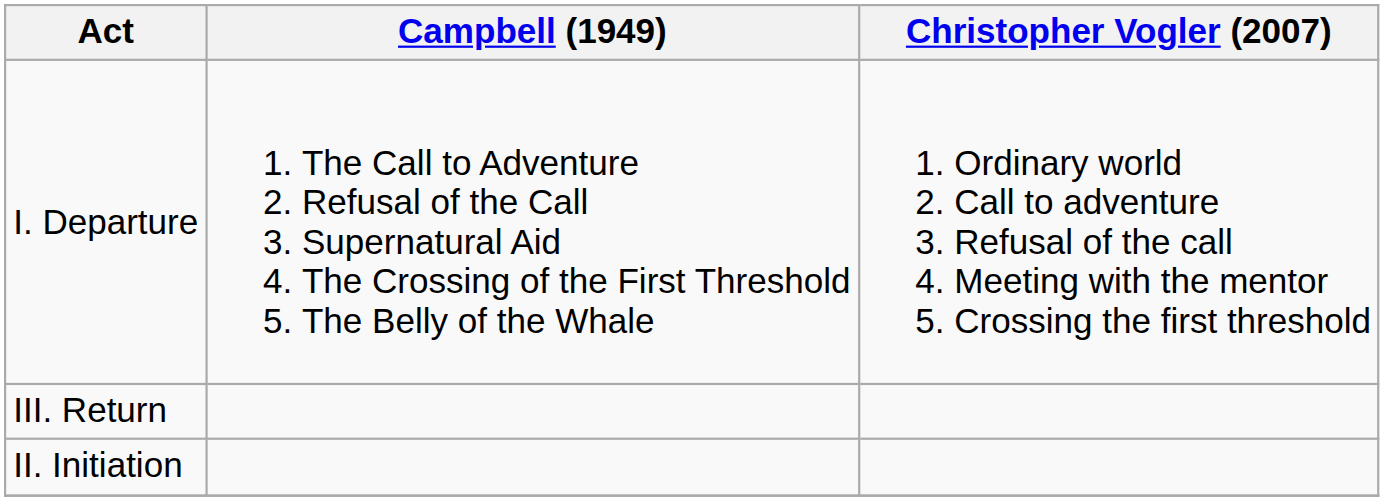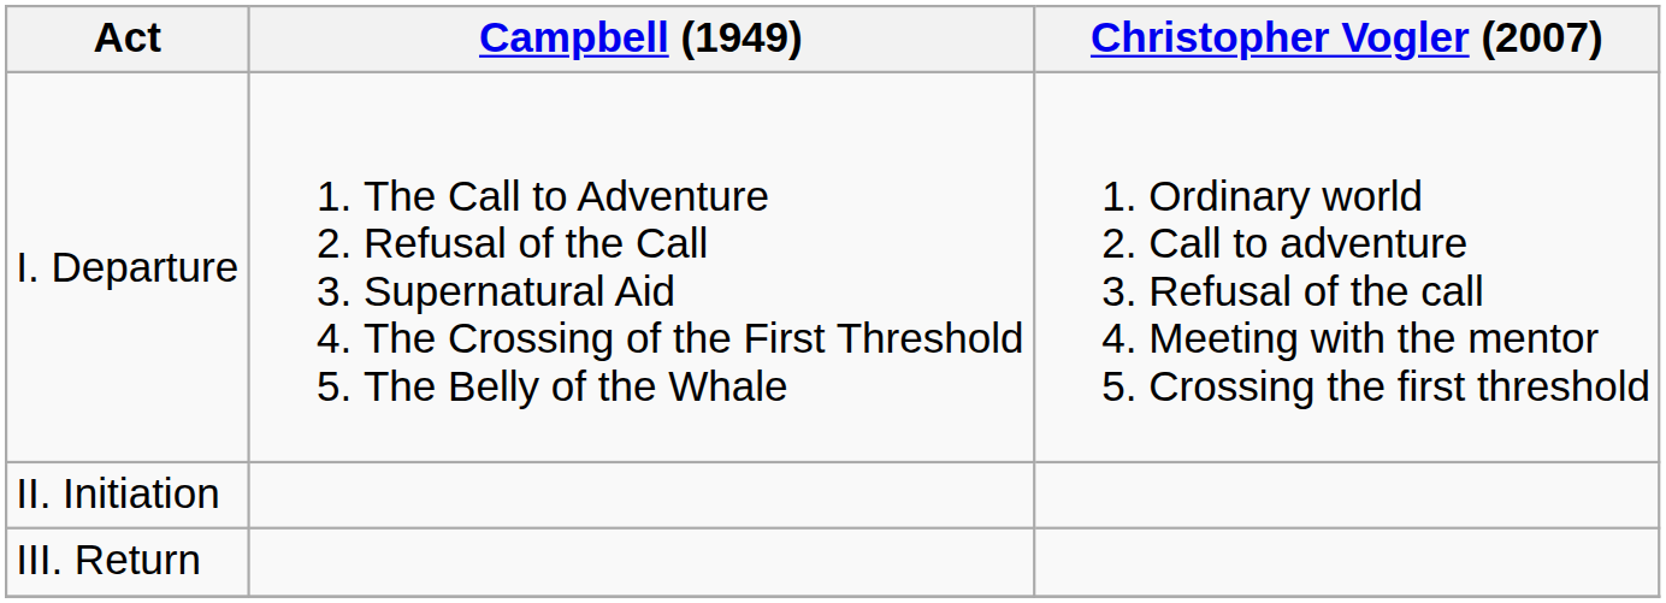 <table class="wikitable">
 <tr>
 <th>Act</th>
 <th><a href='#'>Campbell</a> (1949)</th>
 <th><a href='#'>Christopher Vogler</a> (2007)</th>
 </tr>
 <tr>
 <td>I. Departure</td>
 <td><br><ol><li>The Call to Adventure</li><li>Refusal of the Call</li><li>Supernatural Aid</li><li>The Crossing of the First Threshold</li><li>The Belly of the Whale</li></ol></td>
 <td><br><ol><li>Ordinary world</li><li>Call to adventure</li><li>Refusal of the call</li><li>Meeting with the mentor</li><li>Crossing the first threshold</li></ol></td>
 </tr>
 <tr>
-<td>III. Return</td>
+<td>II. Initiation</td>
 <td></td>
 <td></td>
 </tr>
 <tr>
-<td>II. Initiation</td>
+<td>III. Return</td>
 <td></td>
 <td></td>
 </tr>
 <tr>
 </tr>
 </table>
